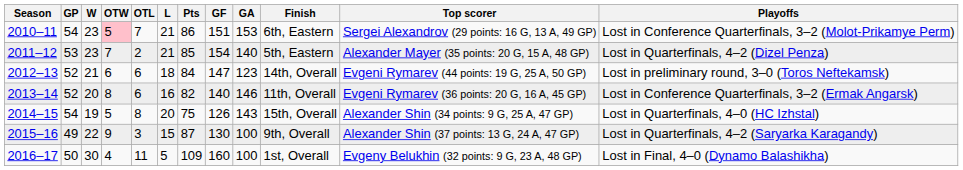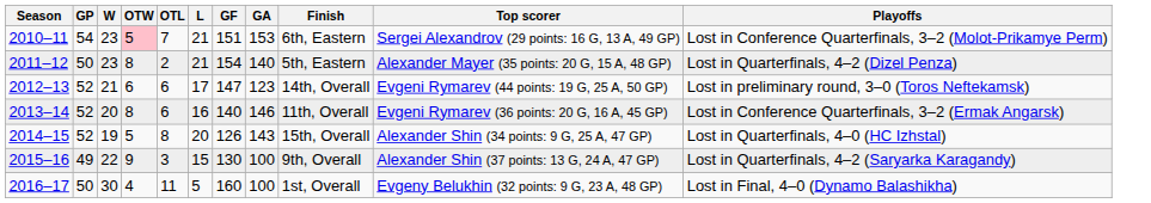 <table class="wikitable">
 <tr style="text-align:center; font-size:small; background:afeeee; padding:5px;"|>
 <th>Season</th>
 <th>GP</th>
 <th>W</th>
 <th>OTW</th>
 <th>OTL</th>
 <th>L</th>
-<th>Pts</th>
 <th>GF</th>
 <th>GA</th>
 <th>Finish</th>
 <th>Top scorer</th>
 <th>Playoffs</th>
 </tr>
 <tr>
 <td><a href='#'>2010–11</a></td>
 <td>54</td>
 <td>23</td>
 <td style="background: pink;">5</td>
 <td>7</td>
 <td>21</td>
-<td>86</td>
 <td>151</td>
 <td>153</td>
 <td>6th, Eastern</td>
 <td><a href='#'>Sergei Alexandrov</a> <small>(29 points: 16 G, 13 A, 49 GP)</small></td>
 <td>Lost in Conference Quarterfinals, 3–2 (<a href='#'>Molot-Prikamye Perm</a>)</td>
 </tr>
 <tr style="background:#eee;">
 <td><a href='#'>2011–12</a></td>
-<td>53</td>
+<td>50</td>
 <td>23</td>
-<td>7</td>
+<td>8</td>
 <td>2</td>
 <td>21</td>
-<td>85</td>
 <td>154</td>
 <td>140</td>
 <td>5th, Eastern</td>
 <td><a href='#'>Alexander Mayer</a> <small>(35 points: 20 G, 15 A, 48 GP)</small></td>
 <td>Lost in Quarterfinals, 4–2 (<a href='#'>Dizel Penza</a>)</td>
 </tr>
 <tr>
 <td><a href='#'>2012–13</a></td>
 <td>52</td>
 <td>21</td>
 <td>6</td>
 <td>6</td>
-<td>18</td>
-<td>84</td>
+<td>17</td>
 <td>147</td>
 <td>123</td>
 <td>14th, Overall</td>
 <td><a href='#'>Evgeni Rymarev</a> <small>(44 points: 19 G, 25 A, 50 GP)</small></td>
 <td>Lost in preliminary round, 3–0 (<a href='#'>Toros Neftekamsk</a>)</td>
 </tr>
 <tr style="background:#eee;">
 <td><a href='#'>2013–14</a></td>
 <td>52</td>
 <td>20</td>
 <td>8</td>
 <td>6</td>
 <td>16</td>
-<td>82</td>
 <td>140</td>
 <td>146</td>
 <td>11th, Overall</td>
 <td><a href='#'>Evgeni Rymarev</a> <small>(36 points: 20 G, 16 A, 45 GP)</small></td>
 <td>Lost in Conference Quarterfinals, 3–2 (<a href='#'>Ermak Angarsk</a>)</td>
 </tr>
 <tr>
 <td><a href='#'>2014–15</a></td>
-<td>54</td>
+<td>52</td>
 <td>19</td>
 <td>5</td>
 <td>8</td>
 <td>20</td>
-<td>75</td>
 <td>126</td>
 <td>143</td>
 <td>15th, Overall</td>
 <td><a href='#'>Alexander Shin</a> <small>(34 points: 9 G, 25 A, 47 GP)</small></td>
 <td>Lost in Quarterfinals, 4–0 (<a href='#'>HC Izhstal</a>)</td>
 </tr>
 <tr style="background:#eee;">
 <td><a href='#'>2015–16</a></td>
 <td>49</td>
 <td>22</td>
 <td>9</td>
 <td>3</td>
 <td>15</td>
-<td>87</td>
 <td>130</td>
 <td>100</td>
 <td>9th, Overall</td>
 <td><a href='#'>Alexander Shin</a> <small>(37 points: 13 G, 24 A, 47 GP)</small></td>
 <td>Lost in Quarterfinals, 4–2 (<a href='#'>Saryarka Karagandy</a>)</td>
 </tr>
 <tr>
 <td><a href='#'>2016–17</a></td>
 <td>50</td>
 <td>30</td>
 <td>4</td>
 <td>11</td>
 <td>5</td>
-<td>109</td>
 <td>160</td>
 <td>100</td>
 <td>1st, Overall</td>
 <td><a href='#'>Evgeny Belukhin</a> <small>(32 points: 9 G, 23 A, 48 GP)</small></td>
 <td>Lost in Final, 4–0 (<a href='#'>Dynamo Balashikha</a>)</td>
 </tr>
 </table>
